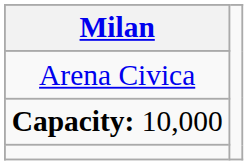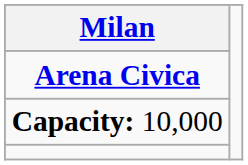 <table class="wikitable" style="text-align:center">
 <tr>
 <th><a href='#'>Milan</a></th>
 <td rowspan="4"></td>
 </tr>
 <tr>
-<td><a href='#'>Arena Civica</a></td>
+<td><strong><a href='#'>Arena Civica</a></strong></td>
 </tr>
 <tr>
 <td><strong>Capacity:</strong> 10,000</td>
 </tr>
 <tr>
 <td></td>
 </tr>
 </table>
